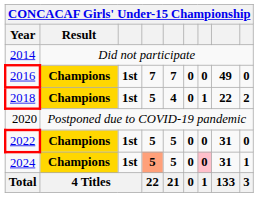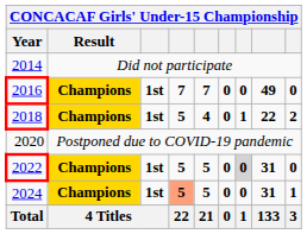 <table class="wikitable" style="text-align: center;font-size:100%;">
 <tr>
 <th colspan="9"><a href='#'>CONCACAF Girls' Under-15 Championship</a></th>
 </tr>
 <tr>
 <th>Year</th>
 <th>Result</th>
 <th></th>
 <th></th>
 <th></th>
 <th></th>
 <th></th>
 <th></th>
 <th></th>
 </tr>
 <tr>
 <td> <a href='#'>2014</a></td>
 <td colspan=9><em>Did not participate</em></td>
 </tr>
 <tr>
 <td style="border: 3px solid red"> <a href='#'>2016</a></td>
 <td bgcolor=gold><strong>Champions</strong></td>
 <td><strong>1st</strong></td>
 <td><strong>7</strong></td>
 <td><strong>7</strong></td>
 <td><strong>0</strong></td>
 <td><strong>0</strong></td>
 <td><strong>49</strong></td>
 <td><strong>0</strong></td>
 </tr>
 <tr>
 <td style="border: 3px solid red"> <a href='#'>2018</a></td>
 <td bgcolor=gold><strong>Champions</strong></td>
 <td><strong>1st</strong></td>
 <td><strong>5</strong></td>
 <td><strong>4</strong></td>
 <td><strong>0</strong></td>
 <td><strong>1</strong></td>
 <td><strong>22</strong></td>
 <td><strong>2</strong></td>
 </tr>
 <tr>
 <td align="right">2020</td>
 <td align="center" colspan=8><em>Postponed due to COVID-19 pandemic</em></td>
 </tr>
 <tr>
 <td style="border: 3px solid red"> <a href='#'>2022</a></td>
 <td bgcolor=gold><strong>Champions</strong></td>
 <td><strong>1st</strong></td>
 <td><strong>5</strong></td>
 <td><strong>5</strong></td>
 <td><strong>0</strong></td>
-<td><strong>0</strong></td>
+<td style="background: lightgrey;"><strong>0</strong></td>
 <td><strong>31</strong></td>
 <td><strong>0</strong></td>
 </tr>
 <tr>
 <td> <a href='#'>2024</a></td>
 <td bgcolor=gold><strong>Champions</strong></td>
 <td><strong>1st</strong></td>
 <td style="background: lightsalmon;"><strong>5</strong></td>
 <td><strong>5</strong></td>
 <td><strong>0</strong></td>
-<td style="background: pink;"><strong>0</strong></td>
+<td><strong>0</strong></td>
 <td><strong>31</strong></td>
 <td><strong>1</strong></td>
 </tr>
 <tr>
 <th>Total</th>
 <th colspan=2>4 Titles</th>
 <th>22</th>
 <th>21</th>
 <th>0</th>
 <th>1</th>
 <th>133</th>
 <th>3</th>
 </tr>
 </table>
